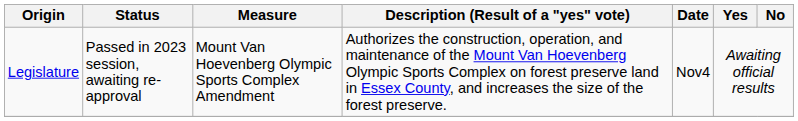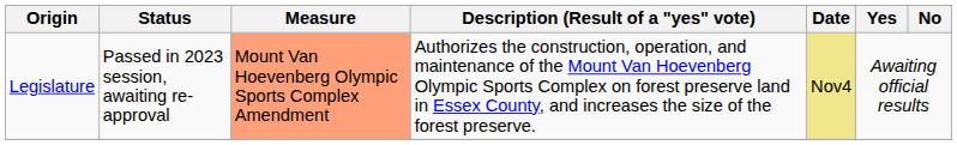 <table class="wikitable">
 <tr>
 <th>Origin</th>
 <th>Status</th>
 <th>Measure</th>
 <th>Description (Result of a "yes" vote)</th>
 <th>Date</th>
 <th>Yes</th>
 <th>No</th>
 </tr>
 <tr>
 <td><a href='#'>Legislature</a></td>
 <td>Passed in 2023 session, awaiting re-approval</td>
-<td>Mount Van Hoevenberg Olympic Sports Complex Amendment</td>
+<td style="background: lightsalmon;">Mount Van Hoevenberg Olympic Sports Complex Amendment</td>
 <td>Authorizes the construction, operation, and maintenance of the <a href='#'>Mount Van Hoevenberg</a> Olympic Sports Complex on forest preserve land in <a href='#'>Essex County</a>, and increases the size of the forest preserve.</td>
-<td>Nov4</td>
+<td style="background: khaki;">Nov4</td>
 <td style="text-align:center;" colspan=2><em>Awaiting official results</em></td>
 </tr>
 <tr>
 </tr>
 </table>
